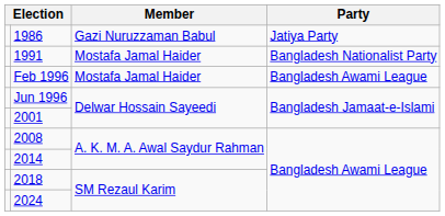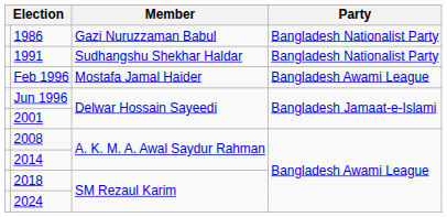 <table class="wikitable">
 <tr>
 <th colspan="2">Election</th>
 <th>Member</th>
 <th>Party</th>
 </tr>
 <tr>
 <td style="background-color:"></td>
 <td><a href='#'>1986</a></td>
 <td><a href='#'>Gazi Nuruzzaman Babul</a></td>
-<td><a href='#'>Jatiya Party</a></td>
+<td><a href='#'>Bangladesh Nationalist Party</a></td>
 </tr>
 <tr>
 <td style="background-color:"></td>
 <td><a href='#'>1991</a></td>
-<td><a href='#'>Mostafa Jamal Haider</a></td>
+<td><a href='#'>Sudhangshu Shekhar Haldar</a></td>
 <td><a href='#'>Bangladesh Nationalist Party</a></td>
 </tr>
 <tr>
 <td style="background-color:"></td>
 <td><a href='#'>Feb 1996</a></td>
 <td><a href='#'>Mostafa Jamal Haider</a></td>
 <td><a href='#'>Bangladesh Awami League</a></td>
 </tr>
 <tr>
 <td style="background-color:"></td>
 <td><a href='#'>Jun 1996</a></td>
 <td rowspan="2"><a href='#'>Delwar Hossain Sayeedi</a></td>
 <td rowspan="2"><a href='#'>Bangladesh Jamaat-e-Islami</a></td>
 </tr>
 <tr>
 <td style="background-color:"></td>
 <td><a href='#'>2001</a></td>
 </tr>
 <tr>
 <td style="background-color:"></td>
 <td><a href='#'>2008</a></td>
 <td rowspan="2"><a href='#'>A. K. M. A. Awal Saydur Rahman</a></td>
 <td rowspan="4"><a href='#'>Bangladesh Awami League</a></td>
 </tr>
 <tr>
 <td style="background-color:"></td>
 <td><a href='#'>2014</a></td>
 </tr>
 <tr>
 <td style="background-color:"></td>
 <td><a href='#'>2018</a></td>
 <td rowspan="2"><a href='#'>SM Rezaul Karim</a></td>
 </tr>
 <tr>
 <td style="background-color:"></td>
 <td><a href='#'>2024</a></td>
 </tr>
 </table>
